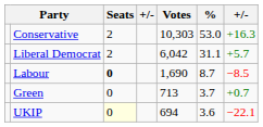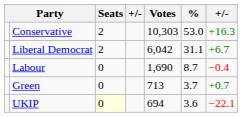 <table class="wikitable sortable">
 <tr>
 <th colspan="2">Party</th>
 <th>Seats</th>
 <th>+/-</th>
 <th>Votes</th>
 <th>%</th>
 <th>+/-</th>
 </tr>
 <tr>
 <td style="background-color: "></td>
 <td><a href='#'>Conservative</a></td>
 <td>2</td>
 <td></td>
 <td>10,303</td>
 <td>53.0</td>
 <td style="color:green">+16.3</td>
 </tr>
 <tr>
 <td style="background-color: "></td>
 <td><a href='#'>Liberal Democrat</a></td>
 <td>2</td>
 <td></td>
 <td>6,042</td>
 <td>31.1</td>
-<td style="color:green">+5.7</td>
+<td style="color:green">+6.7</td>
 </tr>
 <tr>
 <td style="background-color: "></td>
 <td><a href='#'>Labour</a></td>
-<td><strong>0</strong></td>
+<td>0</td>
 <td></td>
 <td>1,690</td>
 <td>8.7</td>
-<td style="color:red">−8.5</td>
+<td style="color:red">−0.4</td>
 </tr>
 <tr>
 <td style="background-color: "></td>
 <td><a href='#'>Green</a></td>
 <td>0</td>
 <td></td>
 <td>713</td>
 <td>3.7</td>
 <td style="color:green">+0.7</td>
 </tr>
 <tr>
 <td style="background-color: "></td>
 <td><a href='#'>UKIP</a></td>
 <td style="background: lightyellow;">0</td>
 <td></td>
 <td>694</td>
 <td>3.6</td>
 <td style="color:red">−22.1</td>
 </tr>
 </table>
